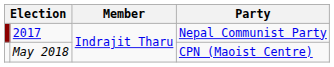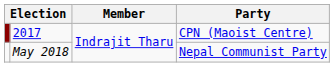 <table class="wikitable">
 <tr>
 <th colspan="2">Election</th>
 <th>Member</th>
 <th>Party</th>
 </tr>
 <tr>
 <td style="background-color:darkred"></td>
 <td><a href='#'>2017</a></td>
 <td rowspan="2"><a href='#'>Indrajit Tharu</a></td>
-<td><a href='#'>Nepal Communist Party</a></td>
+<td><a href='#'>CPN (Maoist Centre)</a></td>
 </tr>
 <tr>
 <td style="background-color:"></td>
 <td><em>May 2018</em></td>
-<td><a href='#'>CPN (Maoist Centre)</a></td>
+<td><a href='#'>Nepal Communist Party</a></td>
 </tr>
 </table>
